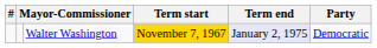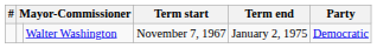 <table class="wikitable">
 <tr>
 <th>#</th>
 <th colspan=2>Mayor-Commissioner</th>
 <th>Term start</th>
 <th>Term end</th>
 <th>Party</th>
 </tr>
 <tr>
 <td ! style="background: "></td>
 <td></td>
 <td><a href='#'>Walter Washington</a></td>
-<td style="background: gold;">November 7, 1967</td>
-<td style="background: lavender;">January 2, 1975</td>
+<td>November 7, 1967</td>
+<td>January 2, 1975</td>
 <td><a href='#'>Democratic</a></td>
 </tr>
 </table>
